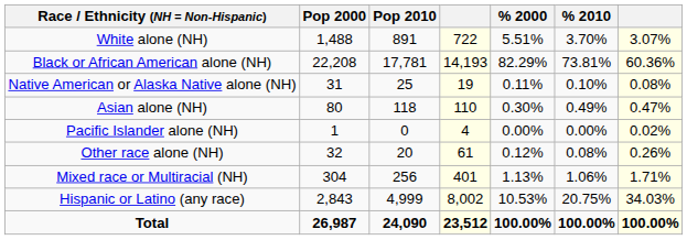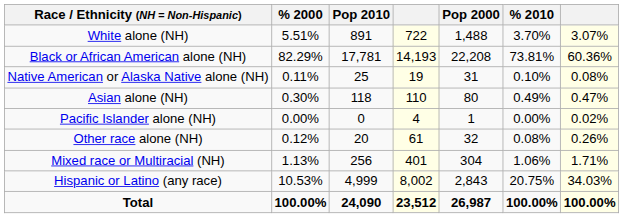 <table class="wikitable" style="text-align:center;">
 <tr>
 <th>Race / Ethnicity <small>(<em>NH = Non-Hispanic</em>)</small></th>
-<th>Pop 2000</th>
+<th>% 2000</th>
 <th>Pop 2010</th>
 <th></th>
-<th>% 2000</th>
+<th>Pop 2000</th>
 <th>% 2010</th>
 <th></th>
 </tr>
 <tr>
 <td><a href='#'>White</a> alone (NH)</td>
-<td>1,488</td>
+<td>5.51%</td>
 <td>891</td>
 <td style='background: #ffffe6;'>722</td>
-<td>5.51%</td>
+<td>1,488</td>
 <td>3.70%</td>
 <td style='background: #ffffe6;'>3.07%</td>
 </tr>
 <tr>
 <td><a href='#'>Black or African American</a> alone (NH)</td>
-<td>22,208</td>
+<td>82.29%</td>
 <td>17,781</td>
 <td style='background: #ffffe6;'>14,193</td>
-<td>82.29%</td>
+<td>22,208</td>
 <td>73.81%</td>
 <td style='background: #ffffe6;'>60.36%</td>
 </tr>
 <tr>
 <td><a href='#'>Native American</a> or <a href='#'>Alaska Native</a> alone (NH)</td>
-<td>31</td>
+<td>0.11%</td>
 <td>25</td>
 <td style='background: #ffffe6;'>19</td>
-<td>0.11%</td>
+<td>31</td>
 <td>0.10%</td>
 <td style='background: #ffffe6;'>0.08%</td>
 </tr>
 <tr>
 <td><a href='#'>Asian</a> alone (NH)</td>
-<td>80</td>
+<td>0.30%</td>
 <td>118</td>
 <td style='background: #ffffe6;'>110</td>
-<td>0.30%</td>
+<td>80</td>
 <td>0.49%</td>
 <td style='background: #ffffe6;'>0.47%</td>
 </tr>
 <tr>
 <td><a href='#'>Pacific Islander</a> alone (NH)</td>
-<td>1</td>
+<td>0.00%</td>
 <td>0</td>
 <td style='background: #ffffe6;'>4</td>
-<td>0.00%</td>
+<td>1</td>
 <td>0.00%</td>
 <td style='background: #ffffe6;'>0.02%</td>
 </tr>
 <tr>
 <td><a href='#'>Other race</a> alone (NH)</td>
-<td>32</td>
+<td>0.12%</td>
 <td>20</td>
 <td style='background: #ffffe6;'>61</td>
-<td>0.12%</td>
+<td>32</td>
 <td>0.08%</td>
 <td style='background: #ffffe6;'>0.26%</td>
 </tr>
 <tr>
 <td><a href='#'>Mixed race or Multiracial</a> (NH)</td>
-<td>304</td>
+<td>1.13%</td>
 <td>256</td>
 <td style='background: #ffffe6;'>401</td>
-<td>1.13%</td>
+<td>304</td>
 <td>1.06%</td>
 <td style='background: #ffffe6;'>1.71%</td>
 </tr>
 <tr>
 <td><a href='#'>Hispanic or Latino</a> (any race)</td>
-<td>2,843</td>
+<td>10.53%</td>
 <td>4,999</td>
 <td style='background: #ffffe6;'>8,002</td>
-<td>10.53%</td>
+<td>2,843</td>
 <td>20.75%</td>
 <td style='background: #ffffe6;'>34.03%</td>
 </tr>
 <tr>
 <td><strong>Total</strong></td>
-<td><strong>26,987</strong></td>
+<td><strong>100.00%</strong></td>
 <td><strong>24,090</strong></td>
 <td style='background: #ffffe6;'><strong>23,512</strong></td>
-<td><strong>100.00%</strong></td>
+<td><strong>26,987</strong></td>
 <td><strong>100.00%</strong></td>
 <td style='background: #ffffe6;'><strong>100.00%</strong></td>
 </tr>
 </table>
